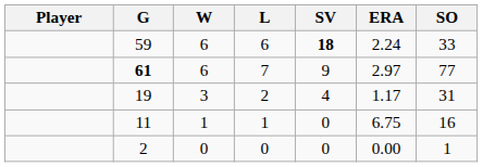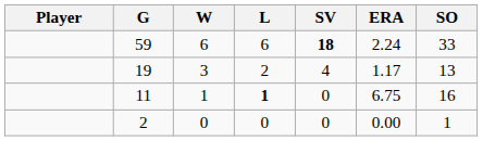 <table class="wikitable sortable">
 <tr>
 <th bgcolor="#DDDDFF" width="16%">Player</th>
 <th bgcolor="#DDDDFF" width="9%">G</th>
 <th bgcolor="#DDDDFF" width="9%">W</th>
 <th bgcolor="#DDDDFF" width="9%">L</th>
 <th bgcolor="#DDDDFF" width="9%">SV</th>
 <th bgcolor="#DDDDFF" width="9%">ERA</th>
 <th bgcolor="#DDDDFF" width="9%">SO</th>
 </tr>
 <tr align="center">
 <td></td>
 <td>59</td>
 <td>6</td>
 <td>6</td>
 <td><strong>18</strong></td>
 <td>2.24</td>
 <td>33</td>
 </tr>
-<tr align=center>
-<td></td>
-<td><strong>61</strong></td>
-<td>6</td>
-<td>7</td>
-<td>9</td>
-<td>2.97</td>
-<td>77</td>
-</tr>
 <tr align="center">
 <td></td>
 <td>19</td>
 <td>3</td>
 <td>2</td>
 <td>4</td>
 <td>1.17</td>
-<td>31</td>
+<td>13</td>
 </tr>
 <tr align="center">
 <td></td>
 <td>11</td>
 <td>1</td>
-<td>1</td>
+<td><strong>1</strong></td>
 <td>0</td>
 <td>6.75</td>
 <td>16</td>
 </tr>
 <tr align="center">
 <td></td>
 <td>2</td>
 <td>0</td>
 <td>0</td>
 <td>0</td>
 <td>0.00</td>
 <td>1</td>
 </tr>
 </table>
